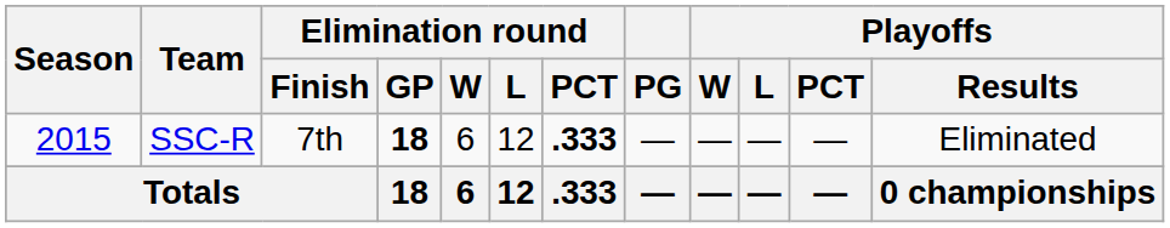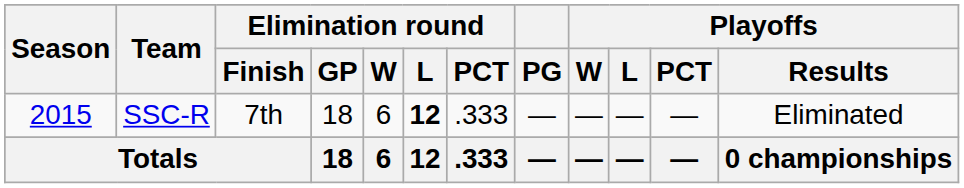 <table class="wikitable" style="text-align:center">
 <tr>
 <th rowspan="2">Season</th>
 <th rowspan="2">Team</th>
 <th colspan="5">Elimination round</th>
 <th></th>
 <th colspan="4">Playoffs</th>
 </tr>
 <tr>
 <th>Finish</th>
 <th>GP</th>
 <th>W</th>
 <th>L</th>
 <th>PCT</th>
 <th>PG</th>
 <th>W</th>
 <th>L</th>
 <th>PCT</th>
 <th>Results</th>
 </tr>
 <tr>
 <td><a href='#'>2015</a></td>
 <td><a href='#'>SSC-R</a></td>
 <td>7th</td>
-<td><strong>18</strong></td>
+<td>18</td>
 <td>6</td>
-<td>12</td>
-<td><strong>.333</strong></td>
+<td><strong>12</strong></td>
+<td>.333</td>
 <td>—</td>
 <td>—</td>
 <td>—</td>
 <td>—</td>
 <td>Eliminated</td>
 </tr>
 <tr>
 <th colspan="3">Totals</th>
 <th>18</th>
 <th>6</th>
 <th>12</th>
 <th>.333</th>
 <th>—</th>
 <th>—</th>
 <th>—</th>
 <th>—</th>
 <th>0 championships</th>
 </tr>
 </table>
